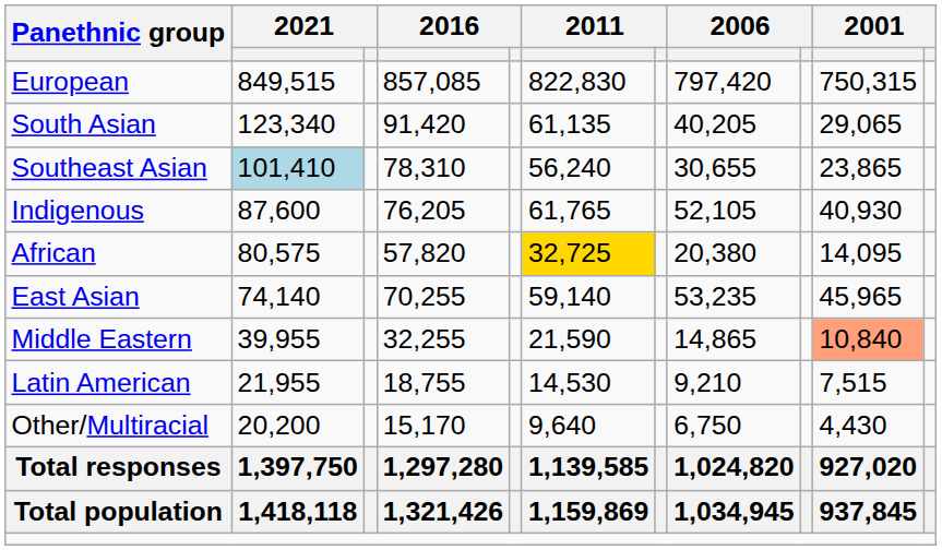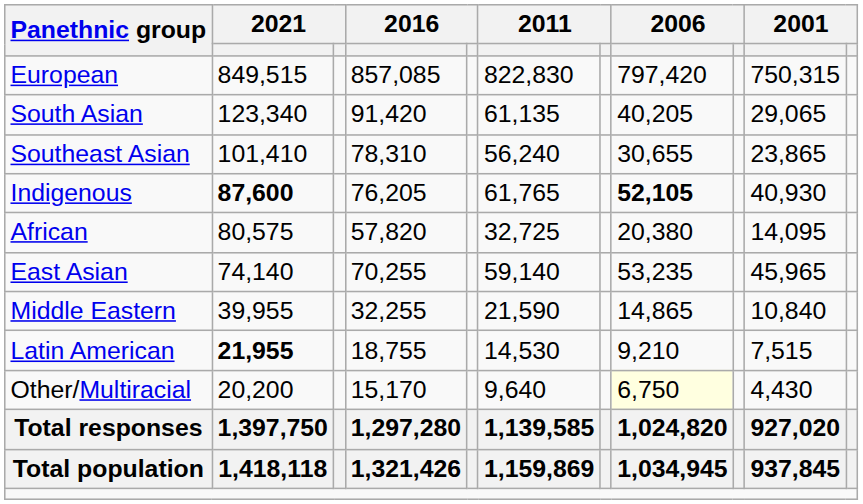 <table class="wikitable collapsible sortable">
 <tr>
 <th rowspan="2"><a href='#'>Panethnic</a> group</th>
 <th colspan="2">2021</th>
 <th colspan="2">2016</th>
 <th colspan="2">2011</th>
 <th colspan="2">2006</th>
 <th colspan="2">2001</th>
 </tr>
 <tr>
 <th><a href='#'></a></th>
 <th></th>
 <th></th>
 <th></th>
 <th></th>
 <th></th>
 <th></th>
 <th></th>
 <th></th>
 <th></th>
 </tr>
 <tr>
 <td><a href='#'>European</a></td>
 <td>849,515</td>
 <td></td>
 <td>857,085</td>
 <td></td>
 <td>822,830</td>
 <td></td>
 <td>797,420</td>
 <td></td>
 <td>750,315</td>
 <td></td>
 </tr>
 <tr>
 <td><a href='#'>South Asian</a></td>
 <td>123,340</td>
 <td></td>
 <td>91,420</td>
 <td></td>
 <td>61,135</td>
 <td></td>
 <td>40,205</td>
 <td></td>
 <td>29,065</td>
 <td></td>
 </tr>
 <tr>
 <td><a href='#'>Southeast Asian</a></td>
-<td style="background: lightblue;">101,410</td>
+<td>101,410</td>
 <td></td>
 <td>78,310</td>
 <td></td>
 <td>56,240</td>
 <td></td>
 <td>30,655</td>
 <td></td>
 <td>23,865</td>
 <td></td>
 </tr>
 <tr>
 <td><a href='#'>Indigenous</a></td>
-<td>87,600</td>
+<td><strong>87,600</strong></td>
 <td></td>
 <td>76,205</td>
 <td></td>
 <td>61,765</td>
 <td></td>
-<td>52,105</td>
+<td><strong>52,105</strong></td>
 <td></td>
 <td>40,930</td>
 <td></td>
 </tr>
 <tr>
 <td><a href='#'>African</a></td>
 <td>80,575</td>
 <td></td>
 <td>57,820</td>
 <td></td>
-<td style="background: gold;">32,725</td>
+<td>32,725</td>
 <td></td>
 <td>20,380</td>
 <td></td>
 <td>14,095</td>
 <td></td>
 </tr>
 <tr>
 <td><a href='#'>East Asian</a></td>
 <td>74,140</td>
 <td></td>
 <td>70,255</td>
 <td></td>
 <td>59,140</td>
 <td></td>
 <td>53,235</td>
 <td></td>
 <td>45,965</td>
 <td></td>
 </tr>
 <tr>
 <td><a href='#'>Middle Eastern</a></td>
 <td>39,955</td>
 <td></td>
 <td>32,255</td>
 <td></td>
 <td>21,590</td>
 <td></td>
 <td>14,865</td>
 <td></td>
-<td style="background: lightsalmon;">10,840</td>
+<td>10,840</td>
 <td></td>
 </tr>
 <tr>
 <td><a href='#'>Latin American</a></td>
-<td>21,955</td>
+<td><strong>21,955</strong></td>
 <td></td>
 <td>18,755</td>
 <td></td>
 <td>14,530</td>
 <td></td>
 <td>9,210</td>
 <td></td>
 <td>7,515</td>
 <td></td>
 </tr>
 <tr>
 <td>Other/<a href='#'>Multiracial</a></td>
 <td>20,200</td>
 <td></td>
 <td>15,170</td>
 <td></td>
 <td>9,640</td>
 <td></td>
-<td>6,750</td>
+<td style="background: lightyellow;">6,750</td>
 <td></td>
 <td>4,430</td>
 <td></td>
 </tr>
 <tr>
 <th>Total responses</th>
 <th>1,397,750</th>
 <th></th>
 <th>1,297,280</th>
 <th></th>
 <th>1,139,585</th>
 <th></th>
 <th>1,024,820</th>
 <th></th>
 <th>927,020</th>
 <th></th>
 </tr>
 <tr>
 <th>Total population</th>
 <th>1,418,118</th>
 <th></th>
 <th>1,321,426</th>
 <th></th>
 <th>1,159,869</th>
 <th></th>
 <th>1,034,945</th>
 <th></th>
 <th>937,845</th>
 <th></th>
 </tr>
 <tr class="sortbottom">
 <td colspan="15"></td>
 </tr>
 </table>
